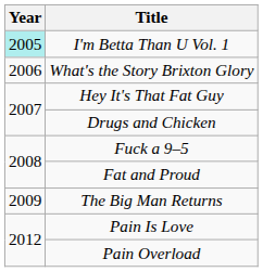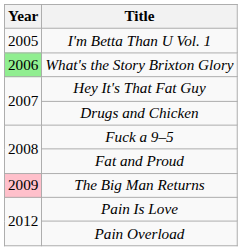 <table class="wikitable plainrowheaders" style="text-align:center;">
 <tr>
 <th>Year</th>
 <th>Title</th>
 </tr>
 <tr>
-<td style="background: paleturquoise;">2005</td>
+<td>2005</td>
 <td><em>I'm Betta Than U Vol. 1</em></td>
 </tr>
 <tr>
-<td>2006</td>
+<td style="background: lightgreen;">2006</td>
 <td><em>What's the Story Brixton Glory</em></td>
 </tr>
 <tr>
 <td rowspan="2">2007</td>
 <td><em>Hey It's That Fat Guy</em></td>
 </tr>
 <tr>
 <td><em>Drugs and Chicken</em></td>
 </tr>
 <tr>
 <td rowspan="2">2008</td>
 <td><em>Fuck a 9–5</em></td>
 </tr>
 <tr>
 <td><em>Fat and Proud</em></td>
 </tr>
 <tr>
-<td>2009</td>
+<td style="background: pink;">2009</td>
 <td><em>The Big Man Returns</em></td>
 </tr>
 <tr>
 <td rowspan="2">2012</td>
 <td><em>Pain Is Love</em></td>
 </tr>
 <tr>
 <td><em>Pain Overload</em></td>
 </tr>
 </table>
